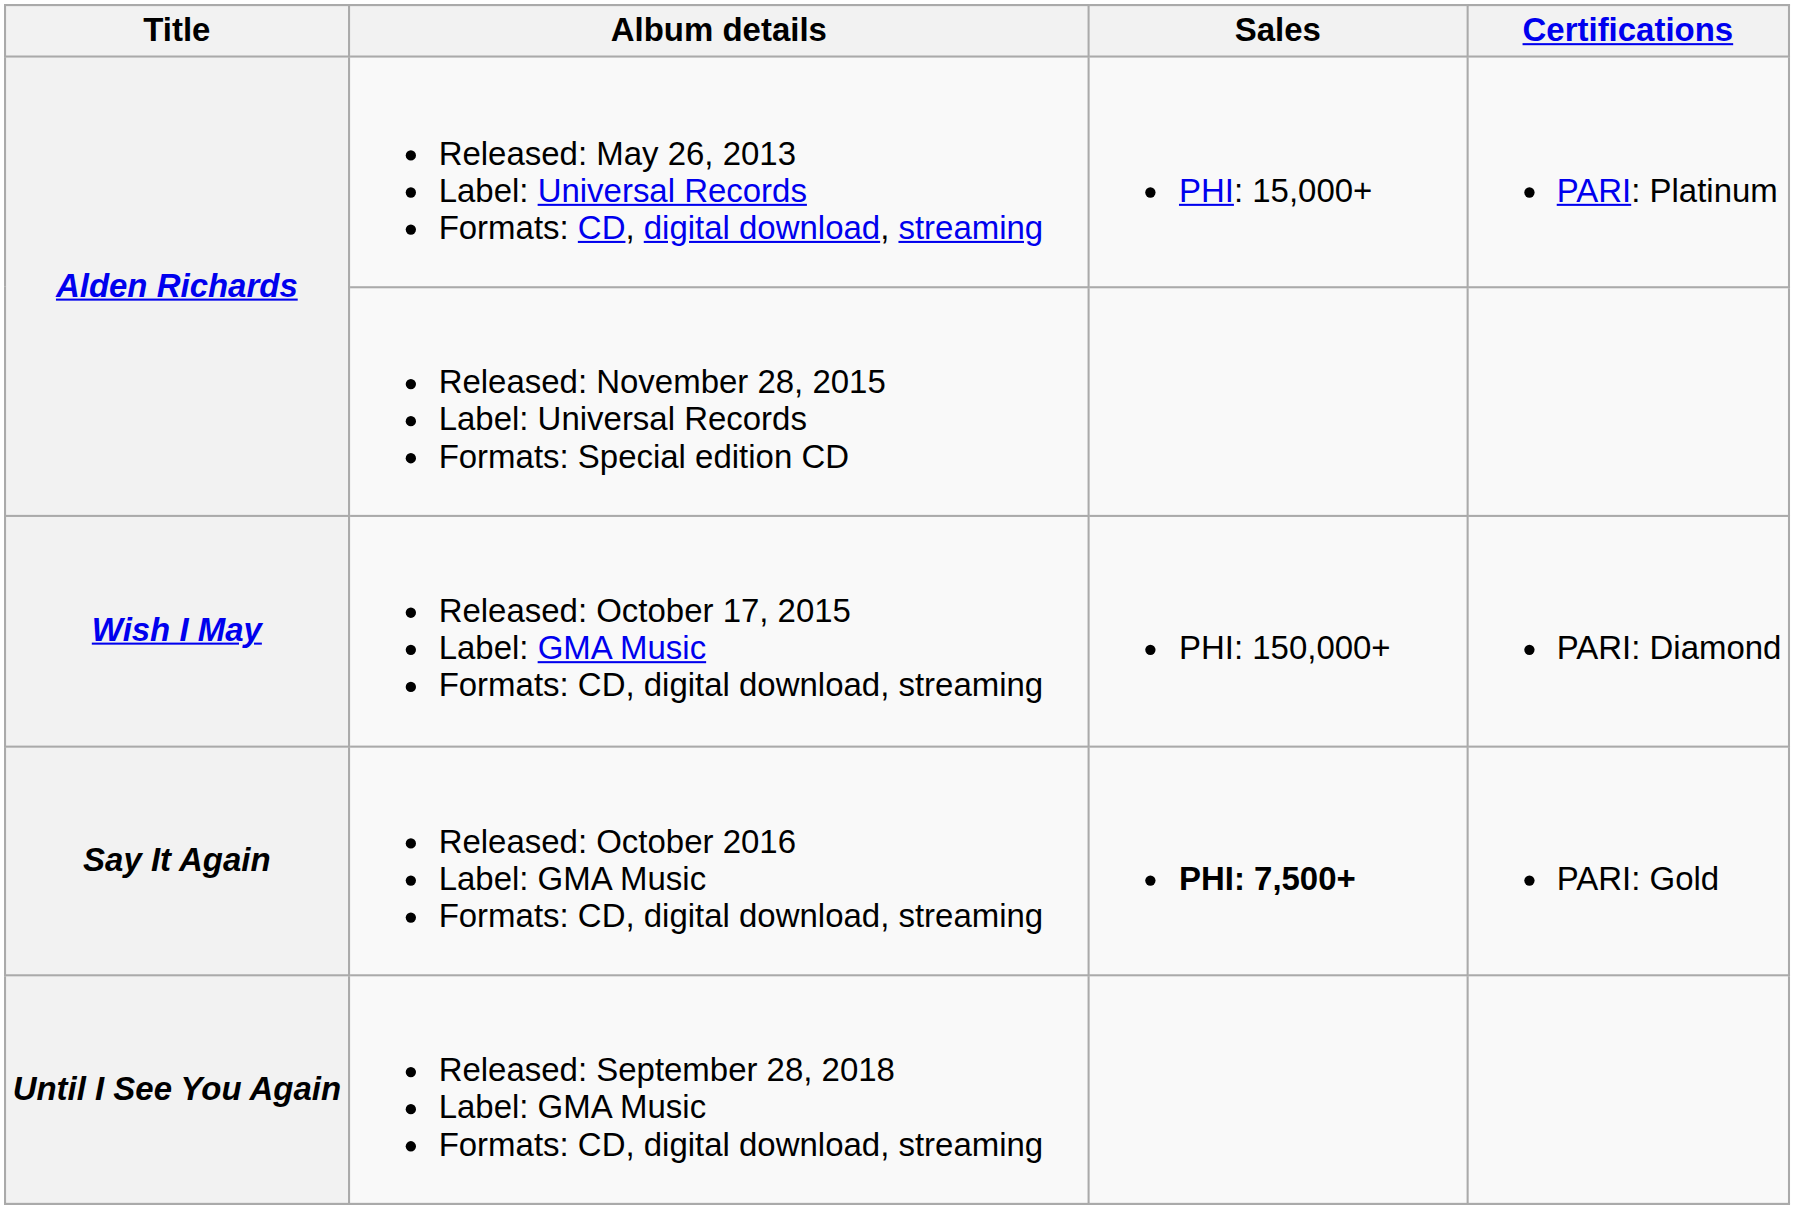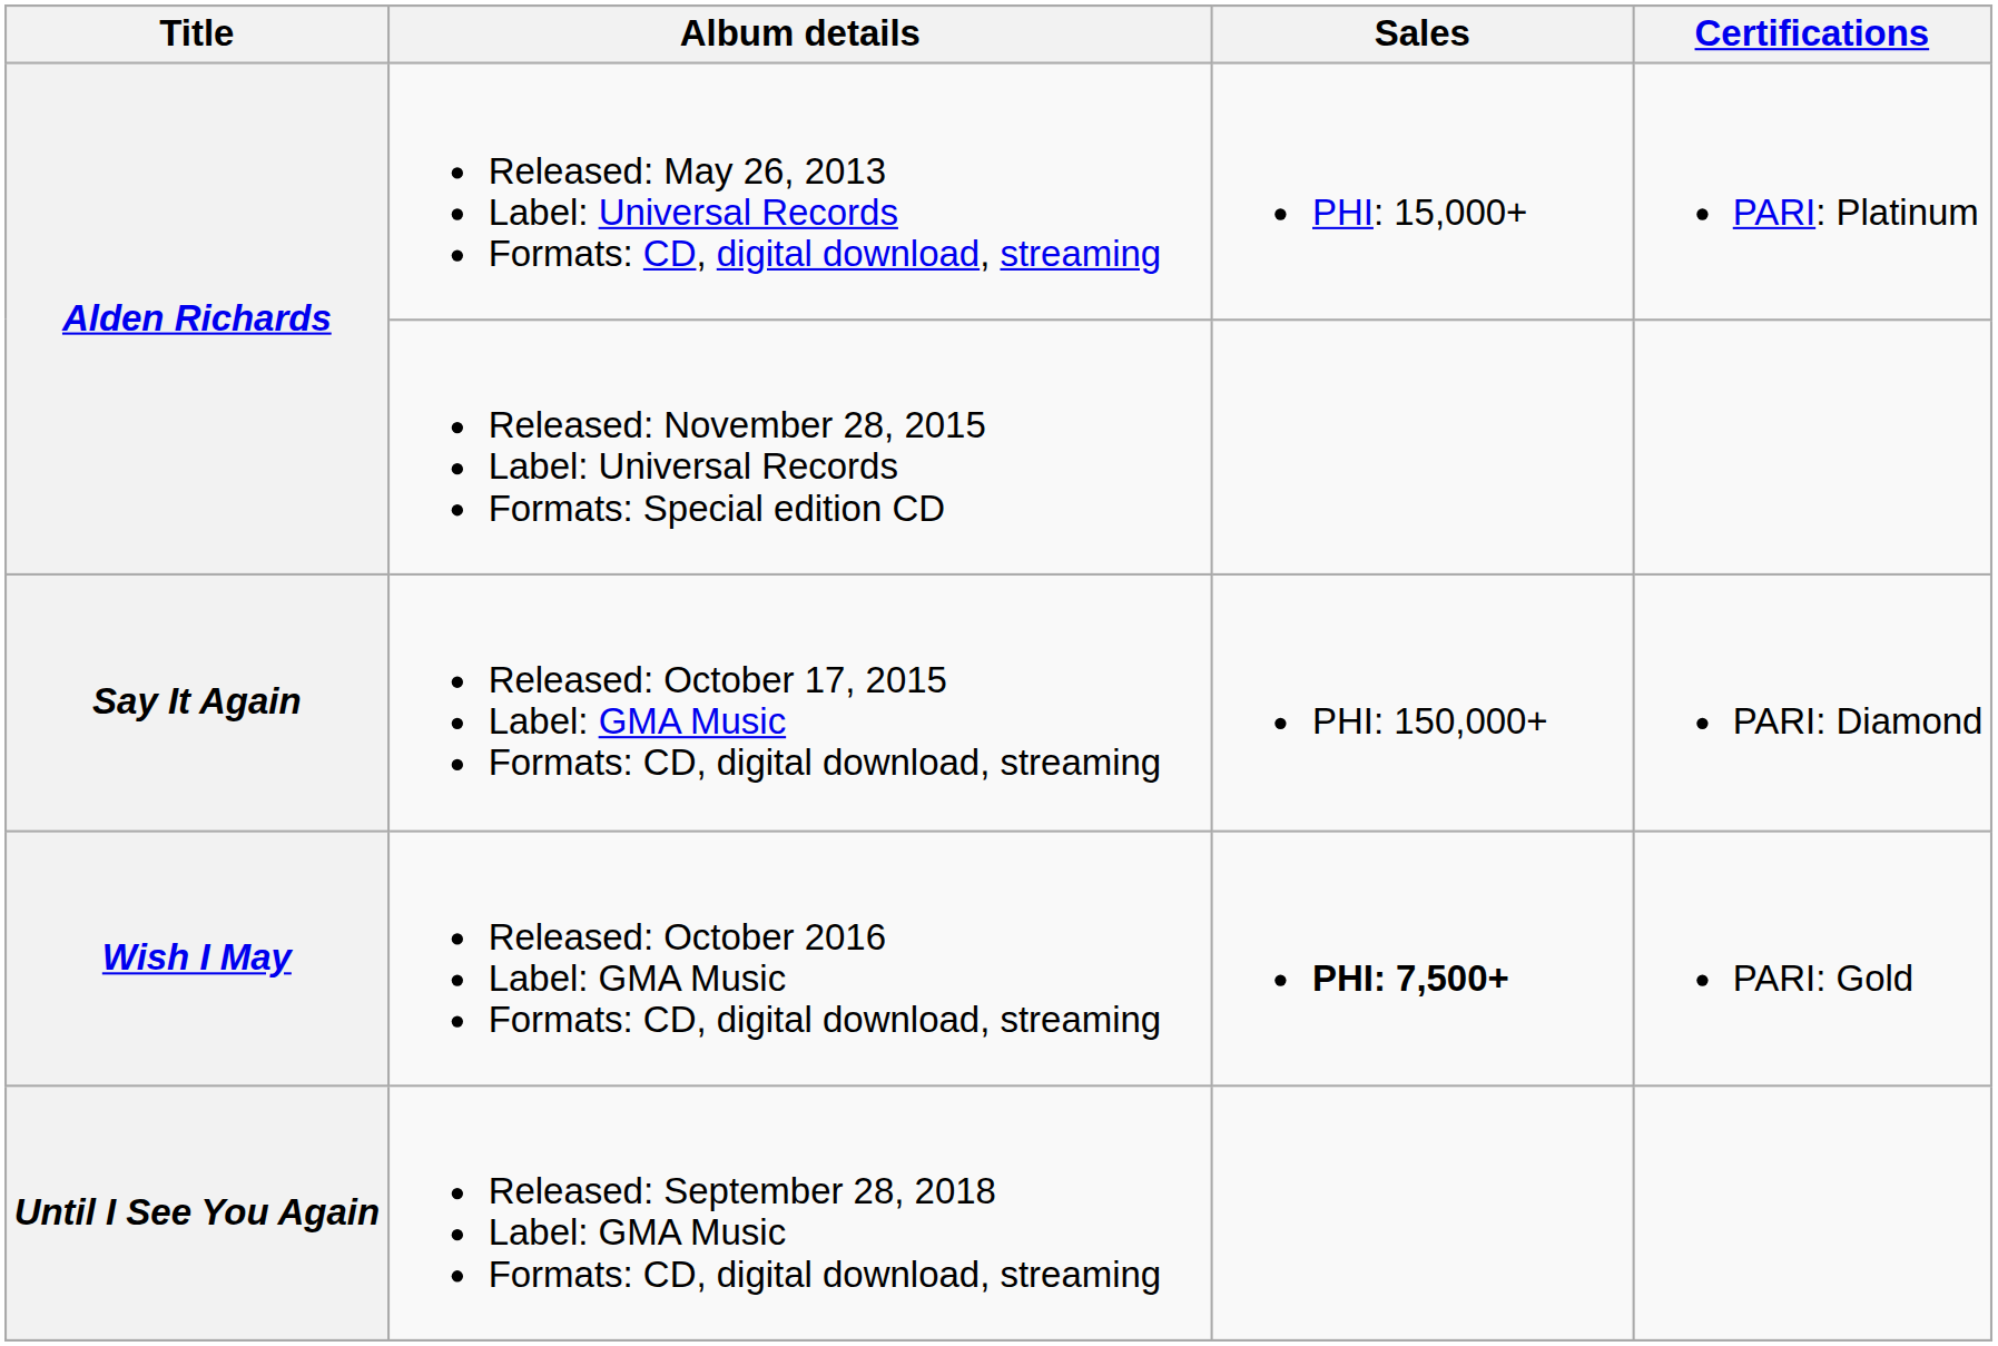 <table class="wikitable sortable">
 <tr style="text-align:center;">
 </tr>
 <tr>
 <th scope="col">Title</th>
 <th scope="col" style="width:22em;">Album details</th>
 <th scope="col" style="width:11em;">Sales</th>
 <th scope="col"><a href='#'>Certifications</a></th>
 </tr>
 <tr>
 <th scope="row" rowspan=2><em><a href='#'>Alden Richards</a></em></th>
 <td><br><ul><li>Released: May 26, 2013</li><li>Label: <a href='#'>Universal Records</a></li><li>Formats: <a href='#'>CD</a>, <a href='#'>digital download</a>, <a href='#'>streaming</a></li></ul></td>
 <td><br><ul><li><a href='#'>PHI</a>: 15,000+</li></ul></td>
 <td><br><ul><li><a href='#'>PARI</a>: Platinum</li></ul></td>
 </tr>
 <tr>
 <td><br><ul><li>Released: November 28, 2015</li><li>Label: Universal Records</li><li>Formats: Special edition CD</li></ul></td>
 <td></td>
 <td></td>
 </tr>
 <tr>
-<th scope="row"><em><a href='#'>Wish I May</a></em></th>
+<th scope="row"><em>Say It Again</em></th>
 <td><br><ul><li>Released: October 17, 2015</li><li>Label: <a href='#'>GMA Music</a></li><li>Formats: CD, digital download, streaming</li></ul></td>
 <td><br><ul><li>PHI: 150,000+</li></ul></td>
 <td><br><ul><li>PARI: Diamond</li></ul></td>
 </tr>
 <tr>
-<th scope="row"><em>Say It Again</em></th>
+<th scope="row"><em><a href='#'>Wish I May</a></em></th>
 <td><br><ul><li>Released: October 2016</li><li>Label: GMA Music</li><li>Formats: CD, digital download, streaming</li></ul></td>
 <td><strong><br><ul><li>PHI: 7,500+</li></ul></strong></td>
 <td><br><ul><li>PARI: Gold</li></ul></td>
 </tr>
 <tr>
 <th scope="row"><em>Until I See You Again</em></th>
 <td><br><ul><li>Released: September 28, 2018</li><li>Label: GMA Music</li><li>Formats: CD, digital download, streaming</li></ul></td>
 <td></td>
 <td></td>
 </tr>
 <tr>
 </tr>
 </table>
